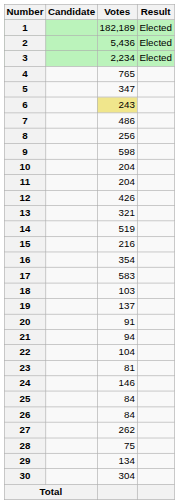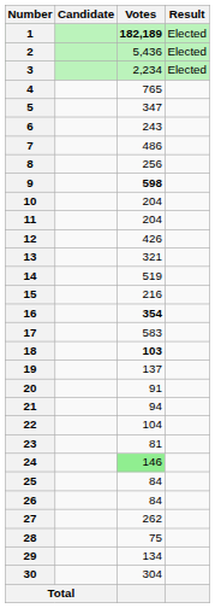 <table class="wikitable sortable col3right">
 <tr>
 <th scope="col">Number</th>
 <th scope="col">Candidate</th>
 <th scope="col">Votes</th>
 <th scope="col">Result</th>
 </tr>
 <tr bgcolor=bbf3bb>
 <th scope="row">1</th>
 <td></td>
-<td align="right">182,189</td>
+<td align="right"><strong>182,189</strong></td>
 <td>Elected</td>
 </tr>
 <tr bgcolor=bbf3bb>
 <th scope="row">2</th>
 <td></td>
 <td align="right">5,436</td>
 <td>Elected</td>
 </tr>
 <tr bgcolor=bbf3bb>
 <th scope="row">3</th>
 <td></td>
 <td align="right">2,234</td>
 <td>Elected</td>
 </tr>
 <tr>
 <th scope="row">4</th>
 <td></td>
 <td align="right">765</td>
 <td></td>
 </tr>
 <tr>
 <th scope="row">5</th>
 <td></td>
 <td align="right">347</td>
 <td></td>
 </tr>
 <tr>
 <th scope="row">6</th>
 <td></td>
-<td align="right" style="background: khaki;">243</td>
+<td align="right">243</td>
 <td></td>
 </tr>
 <tr>
 <th scope="row">7</th>
 <td></td>
 <td align="right">486</td>
 <td></td>
 </tr>
 <tr>
 <th scope="row">8</th>
 <td></td>
 <td align="right">256</td>
 <td></td>
 </tr>
 <tr>
 <th scope="row">9</th>
 <td></td>
-<td align="right">598</td>
+<td align="right"><strong>598</strong></td>
 <td></td>
 </tr>
 <tr>
 <th scope="row">10</th>
 <td></td>
 <td align="right">204</td>
 <td></td>
 </tr>
 <tr>
 <th scope="row">11</th>
 <td></td>
 <td align="right">204</td>
 <td></td>
 </tr>
 <tr>
 <th scope="row">12</th>
 <td></td>
 <td align="right">426</td>
 <td></td>
 </tr>
 <tr>
 <th scope="row">13</th>
 <td></td>
 <td align="right">321</td>
 <td></td>
 </tr>
 <tr>
 <th scope="row">14</th>
 <td></td>
 <td align="right">519</td>
 <td></td>
 </tr>
 <tr>
 <th scope="row">15</th>
 <td></td>
 <td align="right">216</td>
 <td></td>
 </tr>
 <tr>
 <th scope="row">16</th>
 <td></td>
-<td align="right">354</td>
+<td align="right"><strong>354</strong></td>
 <td></td>
 </tr>
 <tr>
 <th scope="row">17</th>
 <td></td>
 <td align="right">583</td>
 <td></td>
 </tr>
 <tr>
 <th scope="row">18</th>
 <td></td>
-<td align="right">103</td>
+<td align="right"><strong>103</strong></td>
 <td></td>
 </tr>
 <tr>
 <th scope="row">19</th>
 <td></td>
 <td align="right">137</td>
 <td></td>
 </tr>
 <tr>
 <th scope="row">20</th>
 <td></td>
 <td align="right">91</td>
 <td></td>
 </tr>
 <tr>
 <th scope="row">21</th>
 <td></td>
 <td align="right">94</td>
 <td></td>
 </tr>
 <tr>
 <th scope="row">22</th>
 <td></td>
 <td align="right">104</td>
 <td></td>
 </tr>
 <tr>
 <th scope="row">23</th>
 <td></td>
 <td align="right">81</td>
 <td></td>
 </tr>
 <tr>
 <th scope="row">24</th>
 <td></td>
-<td align="right">146</td>
+<td align="right" style="background: lightgreen;">146</td>
 <td></td>
 </tr>
 <tr>
 <th scope="row">25</th>
 <td></td>
 <td align="right">84</td>
 <td></td>
 </tr>
 <tr>
 <th scope="row">26</th>
 <td></td>
 <td align="right">84</td>
 <td></td>
 </tr>
 <tr>
 <th scope="row">27</th>
 <td></td>
 <td align="right">262</td>
 <td></td>
 </tr>
 <tr>
 <th scope="row">28</th>
 <td></td>
 <td align="right">75</td>
 <td></td>
 </tr>
 <tr>
 <th scope="row">29</th>
 <td></td>
 <td align="right">134</td>
 <td></td>
 </tr>
 <tr>
 <th scope="row">30</th>
 <td></td>
 <td align="right">304</td>
 <td></td>
 </tr>
 <tr class="sortbottom">
 <th scope="row" colspan="2">Total</th>
 <th></th>
 <th></th>
 </tr>
 </table>
